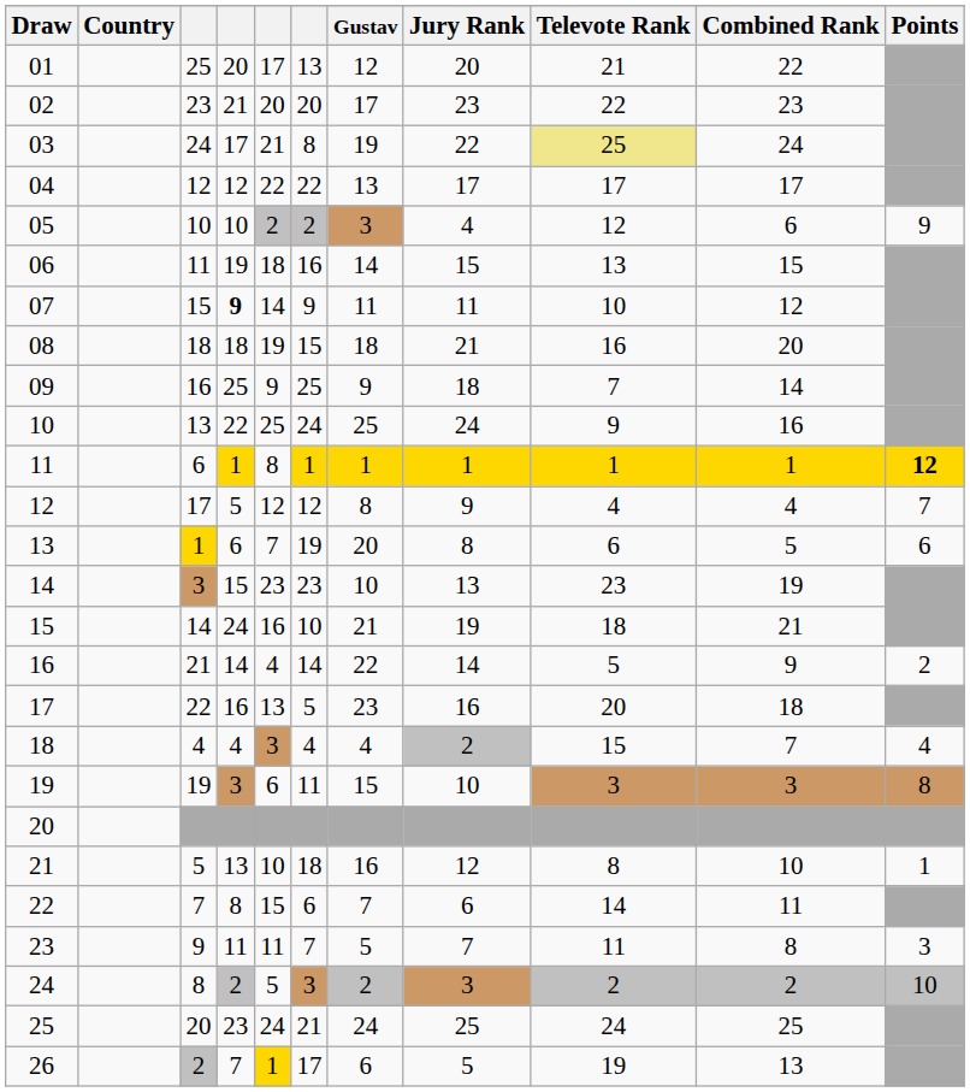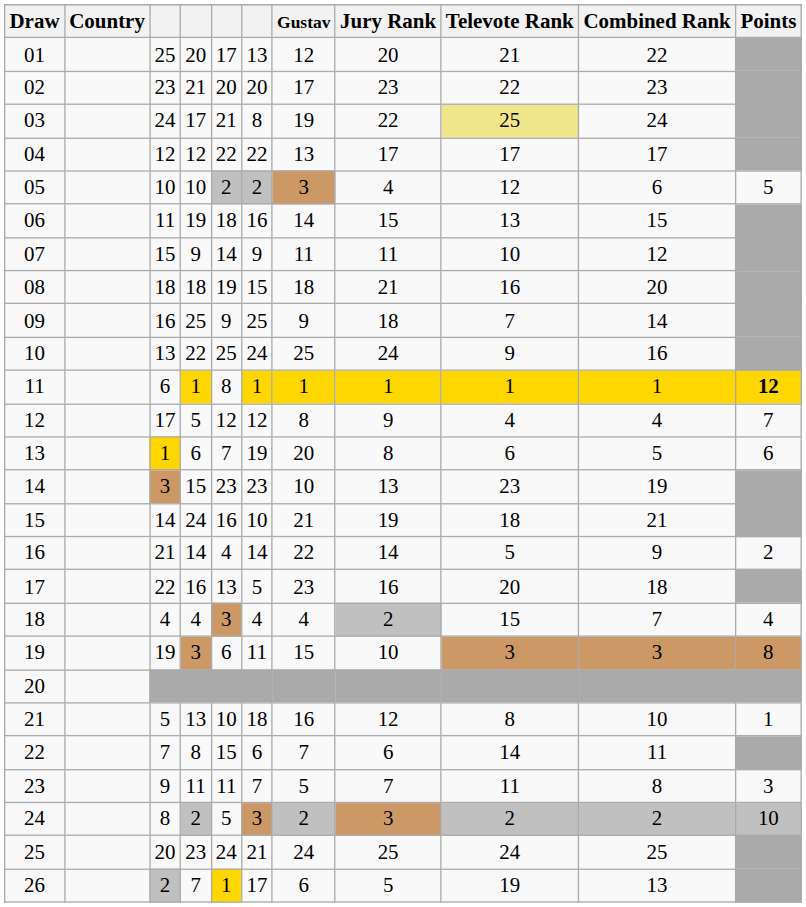 <table class="sortable wikitable collapsible plainrowheaders" style="text-align:center;">
 <tr>
 </tr>
 <tr>
 <th scope="col">Draw</th>
 <th scope="col">Country</th>
 <th scope="col"><small></small></th>
 <th scope="col"><small></small></th>
 <th scope="col"><small></small></th>
 <th scope="col"><small></small></th>
 <th scope="col"><small>Gustav</small></th>
 <th scope="col">Jury Rank</th>
 <th scope="col">Televote Rank</th>
 <th scope="col">Combined Rank</th>
 <th scope="col">Points</th>
 </tr>
 <tr>
 <td>01</td>
 <td style="text-align:left;"></td>
 <td>25</td>
 <td>20</td>
 <td>17</td>
 <td>13</td>
 <td>12</td>
 <td>20</td>
 <td>21</td>
 <td>22</td>
 <td style="background:#AAAAAA;"></td>
 </tr>
 <tr>
 <td>02</td>
 <td style="text-align:left;"></td>
 <td>23</td>
 <td>21</td>
 <td>20</td>
 <td>20</td>
 <td>17</td>
 <td>23</td>
 <td>22</td>
 <td>23</td>
 <td style="background:#AAAAAA;"></td>
 </tr>
 <tr>
 <td>03</td>
 <td style="text-align:left;"></td>
 <td>24</td>
 <td>17</td>
 <td>21</td>
 <td>8</td>
 <td>19</td>
 <td>22</td>
 <td style="background: khaki;">25</td>
 <td>24</td>
 <td style="background:#AAAAAA;"></td>
 </tr>
 <tr>
 <td>04</td>
 <td style="text-align:left;"></td>
 <td>12</td>
 <td>12</td>
 <td>22</td>
 <td>22</td>
 <td>13</td>
 <td>17</td>
 <td>17</td>
 <td>17</td>
 <td style="background:#AAAAAA;"></td>
 </tr>
 <tr>
 <td>05</td>
 <td style="text-align:left;"></td>
 <td>10</td>
 <td>10</td>
 <td style="background:silver;">2</td>
 <td style="background:silver;">2</td>
 <td style="background:#CC9966;">3</td>
 <td>4</td>
 <td>12</td>
 <td>6</td>
-<td>9</td>
+<td>5</td>
 </tr>
 <tr>
 <td>06</td>
 <td style="text-align:left;"></td>
 <td>11</td>
 <td>19</td>
 <td>18</td>
 <td>16</td>
 <td>14</td>
 <td>15</td>
 <td>13</td>
 <td>15</td>
 <td style="background:#AAAAAA;"></td>
 </tr>
 <tr>
 <td>07</td>
 <td style="text-align:left;"></td>
 <td>15</td>
-<td><strong>9</strong></td>
+<td>9</td>
 <td>14</td>
 <td>9</td>
 <td>11</td>
 <td>11</td>
 <td>10</td>
 <td>12</td>
 <td style="background:#AAAAAA;"></td>
 </tr>
 <tr>
 <td>08</td>
 <td style="text-align:left;"></td>
 <td>18</td>
 <td>18</td>
 <td>19</td>
 <td>15</td>
 <td>18</td>
 <td>21</td>
 <td>16</td>
 <td>20</td>
 <td style="background:#AAAAAA;"></td>
 </tr>
 <tr>
 <td>09</td>
 <td style="text-align:left;"></td>
 <td>16</td>
 <td>25</td>
 <td>9</td>
 <td>25</td>
 <td>9</td>
 <td>18</td>
 <td>7</td>
 <td>14</td>
 <td style="background:#AAAAAA;"></td>
 </tr>
 <tr>
 <td>10</td>
 <td style="text-align:left;"></td>
 <td>13</td>
 <td>22</td>
 <td>25</td>
 <td>24</td>
 <td>25</td>
 <td>24</td>
 <td>9</td>
 <td>16</td>
 <td style="background:#AAAAAA;"></td>
 </tr>
 <tr>
 <td>11</td>
 <td style="text-align:left;"></td>
 <td>6</td>
 <td style="background:gold;">1</td>
 <td>8</td>
 <td style="background:gold;">1</td>
 <td style="background:gold;">1</td>
 <td style="background:gold;">1</td>
 <td style="background:gold;">1</td>
 <td style="background:gold;">1</td>
 <td style="background:gold;"><strong>12</strong></td>
 </tr>
 <tr>
 <td>12</td>
 <td style="text-align:left;"></td>
 <td>17</td>
 <td>5</td>
 <td>12</td>
 <td>12</td>
 <td>8</td>
 <td>9</td>
 <td>4</td>
 <td>4</td>
 <td>7</td>
 </tr>
 <tr>
 <td>13</td>
 <td style="text-align:left;"></td>
 <td style="background:gold;">1</td>
 <td>6</td>
 <td>7</td>
 <td>19</td>
 <td>20</td>
 <td>8</td>
 <td>6</td>
 <td>5</td>
 <td>6</td>
 </tr>
 <tr>
 <td>14</td>
 <td style="text-align:left;"></td>
 <td style="background:#CC9966;">3</td>
 <td>15</td>
 <td>23</td>
 <td>23</td>
 <td>10</td>
 <td>13</td>
 <td>23</td>
 <td>19</td>
 <td style="background:#AAAAAA;"></td>
 </tr>
 <tr>
 <td>15</td>
 <td style="text-align:left;"></td>
 <td>14</td>
 <td>24</td>
 <td>16</td>
 <td>10</td>
 <td>21</td>
 <td>19</td>
 <td>18</td>
 <td>21</td>
 <td style="background:#AAAAAA;"></td>
 </tr>
 <tr>
 <td>16</td>
 <td style="text-align:left;"></td>
 <td>21</td>
 <td>14</td>
 <td>4</td>
 <td>14</td>
 <td>22</td>
 <td>14</td>
 <td>5</td>
 <td>9</td>
 <td>2</td>
 </tr>
 <tr>
 <td>17</td>
 <td style="text-align:left;"></td>
 <td>22</td>
 <td>16</td>
 <td>13</td>
 <td>5</td>
 <td>23</td>
 <td>16</td>
 <td>20</td>
 <td>18</td>
 <td style="background:#AAAAAA;"></td>
 </tr>
 <tr>
 <td>18</td>
 <td style="text-align:left;"></td>
 <td>4</td>
 <td>4</td>
 <td style="background:#CC9966;">3</td>
 <td>4</td>
 <td>4</td>
 <td style="background:silver;">2</td>
 <td>15</td>
 <td>7</td>
 <td>4</td>
 </tr>
 <tr>
 <td>19</td>
 <td style="text-align:left;"></td>
 <td>19</td>
 <td style="background:#CC9966;">3</td>
 <td>6</td>
 <td>11</td>
 <td>15</td>
 <td>10</td>
 <td style="background:#CC9966;">3</td>
 <td style="background:#CC9966;">3</td>
 <td style="background:#CC9966;">8</td>
 </tr>
 <tr class="sortbottom">
 <td>20</td>
 <td style="text-align:left;"></td>
 <td style="background:#AAAAAA;"></td>
 <td style="background:#AAAAAA;"></td>
 <td style="background:#AAAAAA;"></td>
 <td style="background:#AAAAAA;"></td>
 <td style="background:#AAAAAA;"></td>
 <td style="background:#AAAAAA;"></td>
 <td style="background:#AAAAAA;"></td>
 <td style="background:#AAAAAA;"></td>
 <td style="background:#AAAAAA;"></td>
 </tr>
 <tr>
 <td>21</td>
 <td style="text-align:left;"></td>
 <td>5</td>
 <td>13</td>
 <td>10</td>
 <td>18</td>
 <td>16</td>
 <td>12</td>
 <td>8</td>
 <td>10</td>
 <td>1</td>
 </tr>
 <tr>
 <td>22</td>
 <td style="text-align:left;"></td>
 <td>7</td>
 <td>8</td>
 <td>15</td>
 <td>6</td>
 <td>7</td>
 <td>6</td>
 <td>14</td>
 <td>11</td>
 <td style="background:#AAAAAA;"></td>
 </tr>
 <tr>
 <td>23</td>
 <td style="text-align:left;"></td>
 <td>9</td>
 <td>11</td>
 <td>11</td>
 <td>7</td>
 <td>5</td>
 <td>7</td>
 <td>11</td>
 <td>8</td>
 <td>3</td>
 </tr>
 <tr>
 <td>24</td>
 <td style="text-align:left;"></td>
 <td>8</td>
 <td style="background:silver;">2</td>
 <td>5</td>
 <td style="background:#CC9966;">3</td>
 <td style="background:silver;">2</td>
 <td style="background:#CC9966;">3</td>
 <td style="background:silver;">2</td>
 <td style="background:silver;">2</td>
 <td style="background:silver;">10</td>
 </tr>
 <tr>
 <td>25</td>
 <td style="text-align:left;"></td>
 <td>20</td>
 <td>23</td>
 <td>24</td>
 <td>21</td>
 <td>24</td>
 <td>25</td>
 <td>24</td>
 <td>25</td>
 <td style="background:#AAAAAA;"></td>
 </tr>
 <tr>
 <td>26</td>
 <td style="text-align:left;"></td>
 <td style="background:silver;">2</td>
 <td>7</td>
 <td style="background:gold;">1</td>
 <td>17</td>
 <td>6</td>
 <td>5</td>
 <td>19</td>
 <td>13</td>
 <td style="background:#AAAAAA;"></td>
 </tr>
 </table>
